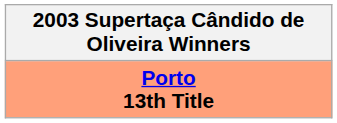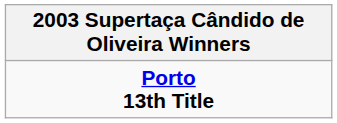 <table class="wikitable" style="text-align: center; margin: 0 auto; width: 20%">
 <tr>
 <th>2003 Supertaça Cândido de Oliveira Winners</th>
 </tr>
 <tr>
-<td style="background: lightsalmon;"><strong><a href='#'>Porto</a></strong><br><strong>13th Title</strong></td>
+<td><strong><a href='#'>Porto</a></strong><br><strong>13th Title</strong></td>
 </tr>
 </table>
